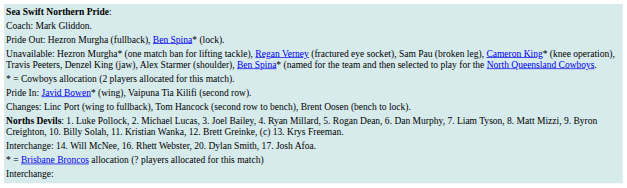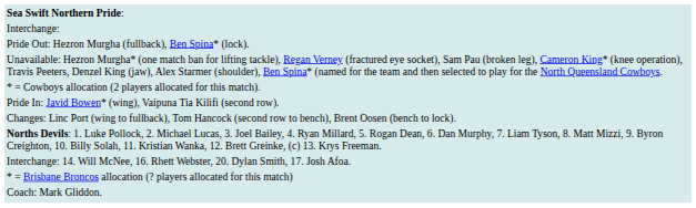 <table style="background:#d7ebed; font-size:85%; width:100%;">
 <tr>
 <td><strong>Sea Swift Northern Pride</strong>:             </td>
 </tr>
 <tr>
-<td>Coach: Mark Gliddon.</td>
+<td>Interchange:    </td>
 </tr>
 <tr>
 <td>Pride Out: Hezron Murgha (fullback), <a href='#'>Ben Spina</a>* (lock).</td>
 </tr>
 <tr>
 <td>Unavailable:  Hezron Murgha* (one match ban for lifting tackle), <a href='#'>Regan Verney</a> (fractured eye socket), Sam Pau (broken leg), <a href='#'>Cameron King</a>* (knee operation), Travis Peeters, Denzel King (jaw), Alex Starmer (shoulder), <a href='#'>Ben Spina</a>* (named for the team and then selected to play for the <a href='#'>North Queensland Cowboys</a>.</td>
 </tr>
 <tr>
 <td>* = Cowboys allocation (2 players allocated for this match).</td>
 </tr>
 <tr>
 <td>Pride In: <a href='#'>Javid Bowen</a>* (wing), Vaipuna Tia Kilifi (second row).</td>
 </tr>
 <tr>
 <td>Changes: Linc Port (wing to fullback), Tom Hancock (second row to bench), Brent Oosen (bench to lock).</td>
 </tr>
 <tr>
 <td><strong>Norths Devils</strong>: 1. Luke Pollock, 2. Michael Lucas, 3. Joel Bailey, 4. Ryan Millard, 5. Rogan Dean, 6. Dan Murphy, 7. Liam Tyson, 8. Matt Mizzi, 9. Byron Creighton, 10. Billy Solah, 11. Kristian Wanka, 12. Brett Greinke, (c) 13. Krys Freeman.</td>
 </tr>
 <tr>
 <td>Interchange: 14. Will McNee, 16. Rhett Webster, 20. Dylan Smith, 17. Josh Afoa.</td>
 </tr>
 <tr>
 <td>* = <a href='#'>Brisbane Broncos</a> allocation (? players allocated for this match)</td>
 </tr>
 <tr>
-<td>Interchange:    </td>
+<td>Coach: Mark Gliddon.</td>
 </tr>
 <tr>
 </tr>
 </table>
